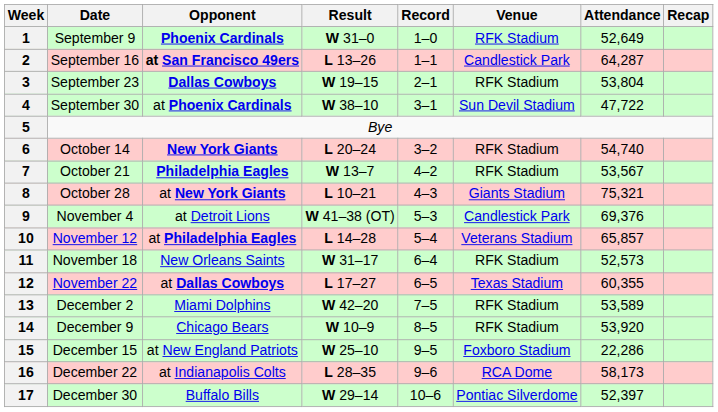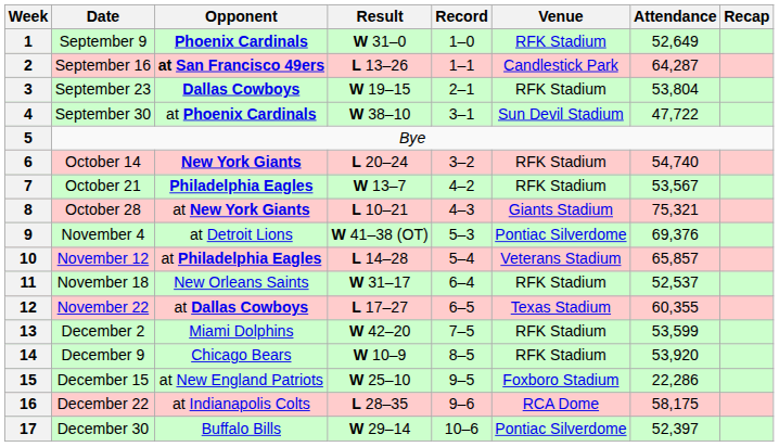 <table class="wikitable" style="text-align:center">
 <tr>
 <th>Week</th>
 <th>Date</th>
 <th>Opponent</th>
 <th>Result</th>
 <th>Record</th>
 <th>Venue</th>
 <th>Attendance</th>
 <th>Recap</th>
 </tr>
 <tr style="background:#cfc">
 <th>1</th>
 <td>September 9</td>
 <td><strong><a href='#'>Phoenix Cardinals</a></strong></td>
 <td><strong>W</strong> 31–0</td>
 <td>1–0</td>
 <td><a href='#'>RFK Stadium</a></td>
 <td>52,649</td>
 <td></td>
 </tr>
 <tr style="background:#fcc">
 <th>2</th>
 <td>September 16</td>
 <td><strong>at <a href='#'>San Francisco 49ers</a></strong></td>
 <td><strong>L</strong> 13–26</td>
 <td>1–1</td>
 <td><a href='#'>Candlestick Park</a></td>
 <td>64,287</td>
 <td></td>
 </tr>
 <tr style="background:#cfc">
 <th>3</th>
 <td>September 23</td>
 <td><strong><a href='#'>Dallas Cowboys</a></strong></td>
 <td><strong>W</strong> 19–15</td>
 <td>2–1</td>
 <td>RFK Stadium</td>
 <td>53,804</td>
 <td></td>
 </tr>
 <tr style="background:#cfc">
 <th>4</th>
 <td>September 30</td>
 <td>at <strong><a href='#'>Phoenix Cardinals</a></strong></td>
 <td><strong>W</strong> 38–10</td>
 <td>3–1</td>
 <td><a href='#'>Sun Devil Stadium</a></td>
 <td>47,722</td>
 <td></td>
 </tr>
 <tr align="center">
 <th>5</th>
 <td colspan="7" align="center"><em>Bye</em></td>
 </tr>
 <tr style="background:#fcc">
 <th>6</th>
 <td>October 14</td>
 <td><strong><a href='#'>New York Giants</a></strong></td>
 <td><strong>L</strong> 20–24</td>
 <td>3–2</td>
 <td>RFK Stadium</td>
 <td>54,740</td>
 <td></td>
 </tr>
 <tr style="background:#cfc">
 <th>7</th>
 <td>October 21</td>
 <td><strong><a href='#'>Philadelphia Eagles</a></strong></td>
 <td><strong>W</strong> 13–7</td>
 <td>4–2</td>
 <td>RFK Stadium</td>
 <td>53,567</td>
 <td></td>
 </tr>
 <tr style="background:#fcc">
 <th>8</th>
 <td>October 28</td>
 <td>at <strong><a href='#'>New York Giants</a></strong></td>
 <td><strong>L</strong> 10–21</td>
 <td>4–3</td>
 <td><a href='#'>Giants Stadium</a></td>
 <td>75,321</td>
 <td></td>
 </tr>
 <tr style="background:#cfc">
 <th>9</th>
 <td>November 4</td>
 <td>at <a href='#'>Detroit Lions</a></td>
 <td><strong>W</strong> 41–38 (OT)</td>
 <td>5–3</td>
-<td><a href='#'>Candlestick Park</a></td>
+<td><a href='#'>Pontiac Silverdome</a></td>
 <td>69,376</td>
 <td></td>
 </tr>
 <tr style="background:#fcc">
 <th>10</th>
 <td><a href='#'>November 12</a></td>
 <td>at <strong><a href='#'>Philadelphia Eagles</a></strong></td>
 <td><strong>L</strong> 14–28</td>
 <td>5–4</td>
 <td><a href='#'>Veterans Stadium</a></td>
 <td>65,857</td>
 <td></td>
 </tr>
 <tr style="background:#cfc">
 <th>11</th>
 <td>November 18</td>
 <td><a href='#'>New Orleans Saints</a></td>
 <td><strong>W</strong> 31–17</td>
 <td>6–4</td>
 <td>RFK Stadium</td>
-<td>52,573</td>
+<td>52,537</td>
 <td></td>
 </tr>
 <tr style="background:#fcc">
 <th>12</th>
 <td><a href='#'>November 22</a></td>
 <td>at <strong><a href='#'>Dallas Cowboys</a></strong></td>
 <td><strong>L</strong> 17–27</td>
 <td>6–5</td>
 <td><a href='#'>Texas Stadium</a></td>
 <td>60,355</td>
 <td></td>
 </tr>
 <tr style="background:#cfc">
 <th>13</th>
 <td>December 2</td>
 <td><a href='#'>Miami Dolphins</a></td>
 <td><strong>W</strong> 42–20</td>
 <td>7–5</td>
 <td>RFK Stadium</td>
-<td>53,589</td>
+<td>53,599</td>
 <td></td>
 </tr>
 <tr style="background:#cfc">
 <th>14</th>
 <td>December 9</td>
 <td><a href='#'>Chicago Bears</a></td>
 <td><strong>W</strong> 10–9</td>
 <td>8–5</td>
 <td>RFK Stadium</td>
 <td>53,920</td>
 <td></td>
 </tr>
 <tr style="background:#cfc">
 <th>15</th>
 <td>December 15</td>
 <td>at <a href='#'>New England Patriots</a></td>
 <td><strong>W</strong> 25–10</td>
 <td>9–5</td>
 <td><a href='#'>Foxboro Stadium</a></td>
 <td>22,286</td>
 <td></td>
 </tr>
 <tr style="background:#fcc">
 <th>16</th>
 <td>December 22</td>
 <td>at <a href='#'>Indianapolis Colts</a></td>
 <td><strong>L</strong> 28–35</td>
 <td>9–6</td>
 <td><a href='#'>RCA Dome</a></td>
-<td>58,173</td>
+<td>58,175</td>
 <td></td>
 </tr>
 <tr style="background:#cfc">
 <th>17</th>
 <td>December 30</td>
 <td><a href='#'>Buffalo Bills</a></td>
 <td><strong>W</strong> 29–14</td>
 <td>10–6</td>
 <td><a href='#'>Pontiac Silverdome</a></td>
 <td>52,397</td>
 <td></td>
 </tr>
 </table>
